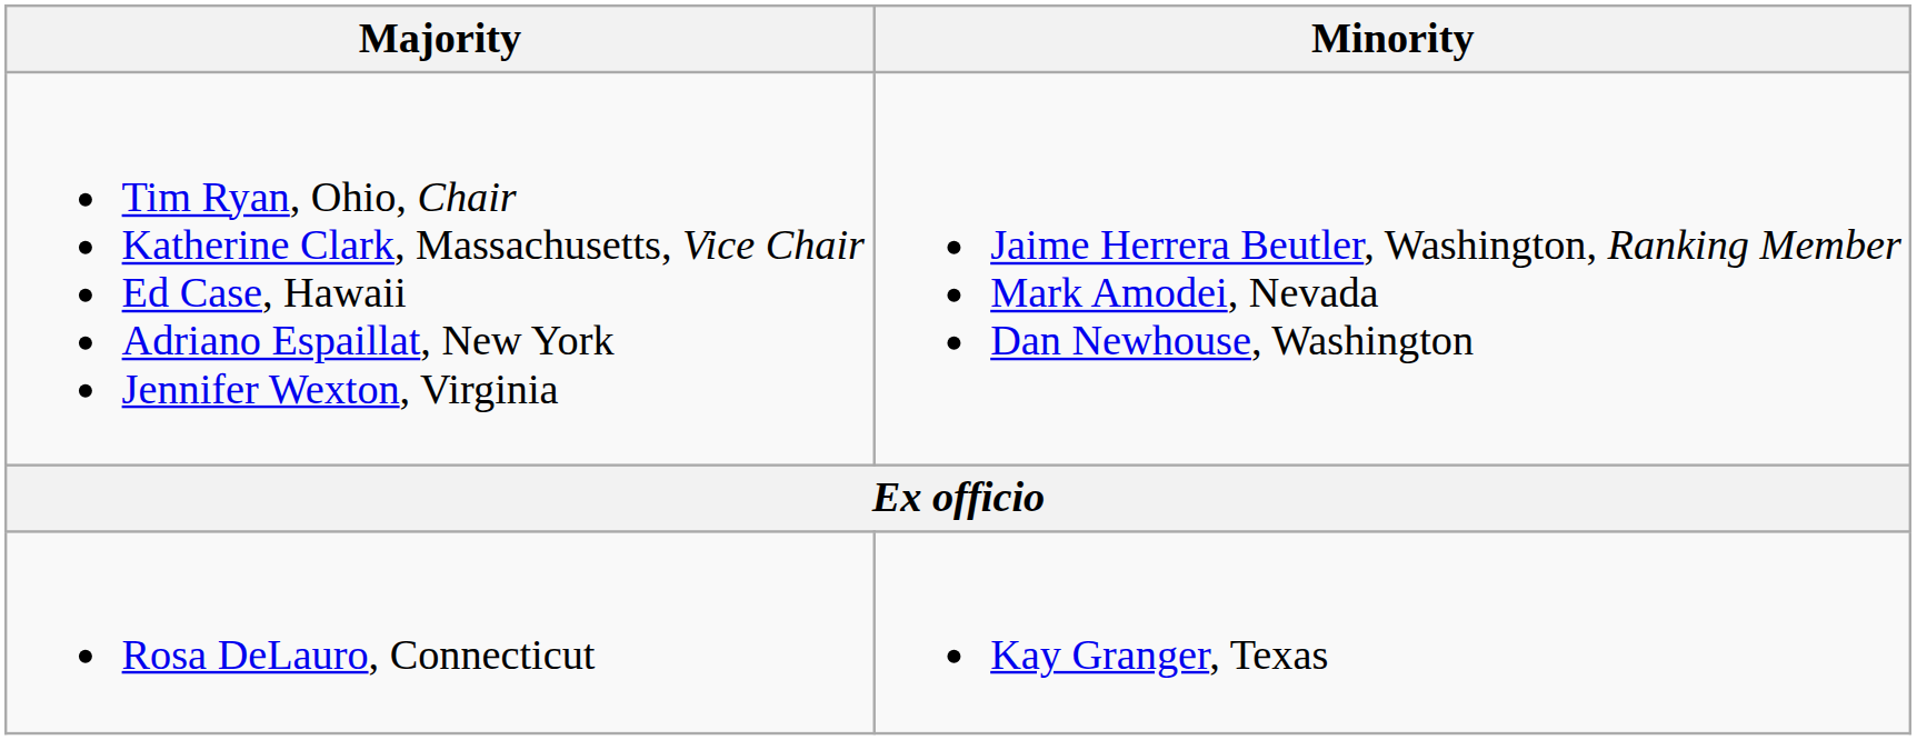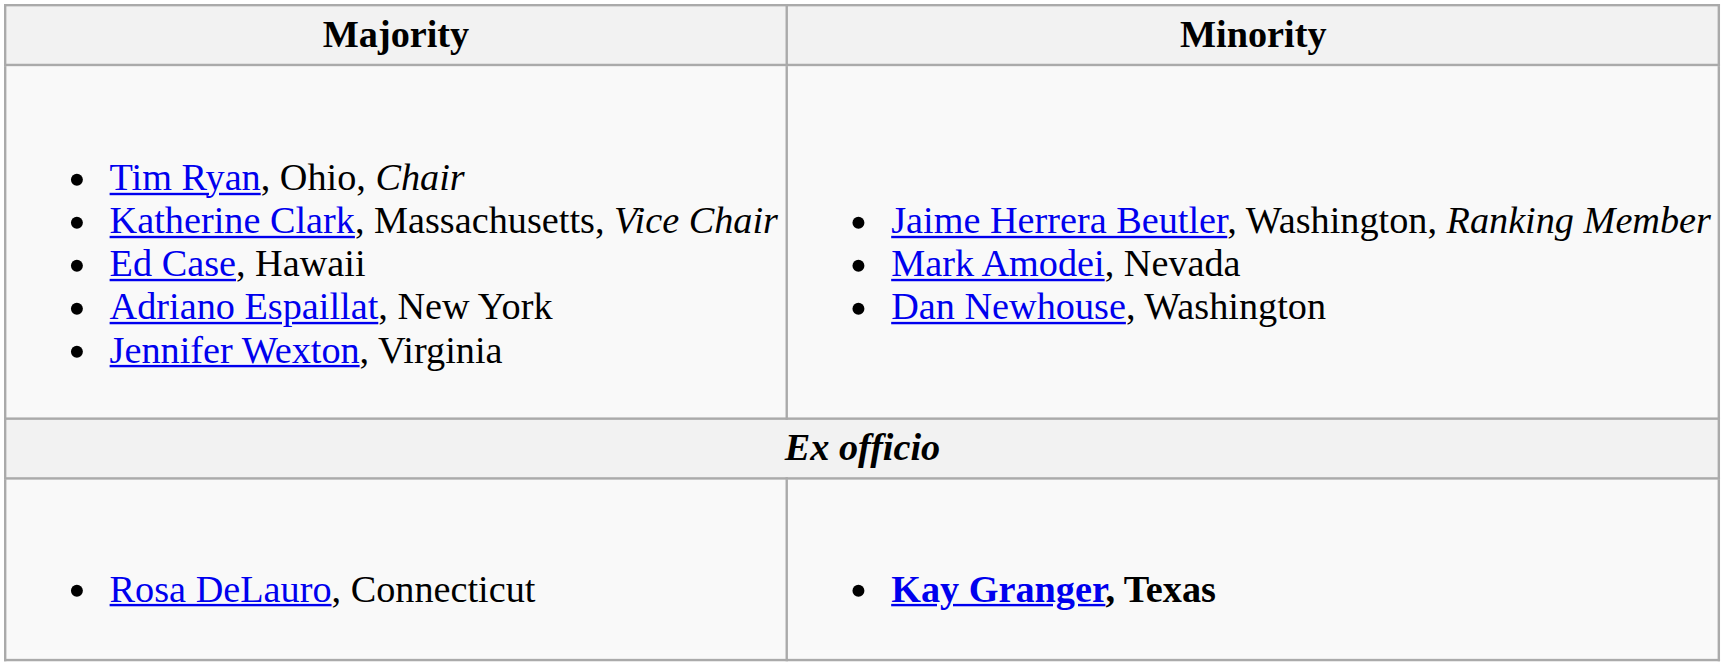 <table class=wikitable>
 <tr>
 <th>Majority</th>
 <th>Minority</th>
 </tr>
 <tr>
 <td><br><ul><li><a href='#'>Tim Ryan</a>, Ohio, <em>Chair</em></li><li><a href='#'>Katherine Clark</a>, Massachusetts, <em>Vice Chair</em></li><li><a href='#'>Ed Case</a>, Hawaii</li><li><a href='#'>Adriano Espaillat</a>, New York</li><li><a href='#'>Jennifer Wexton</a>, Virginia</li></ul></td>
 <td><br><ul><li><a href='#'>Jaime Herrera Beutler</a>, Washington, <em>Ranking Member</em></li><li><a href='#'>Mark Amodei</a>, Nevada</li><li><a href='#'>Dan Newhouse</a>, Washington</li></ul></td>
 </tr>
 <tr>
 <th colspan=2><em>Ex officio</em></th>
 </tr>
 <tr>
 <td><br><ul><li><a href='#'>Rosa DeLauro</a>, Connecticut</li></ul></td>
-<td><br><ul><li><a href='#'>Kay Granger</a>, Texas</li></ul></td>
+<td><strong><br><ul><li><a href='#'>Kay Granger</a>, Texas</li></ul></strong></td>
 </tr>
 </table>
